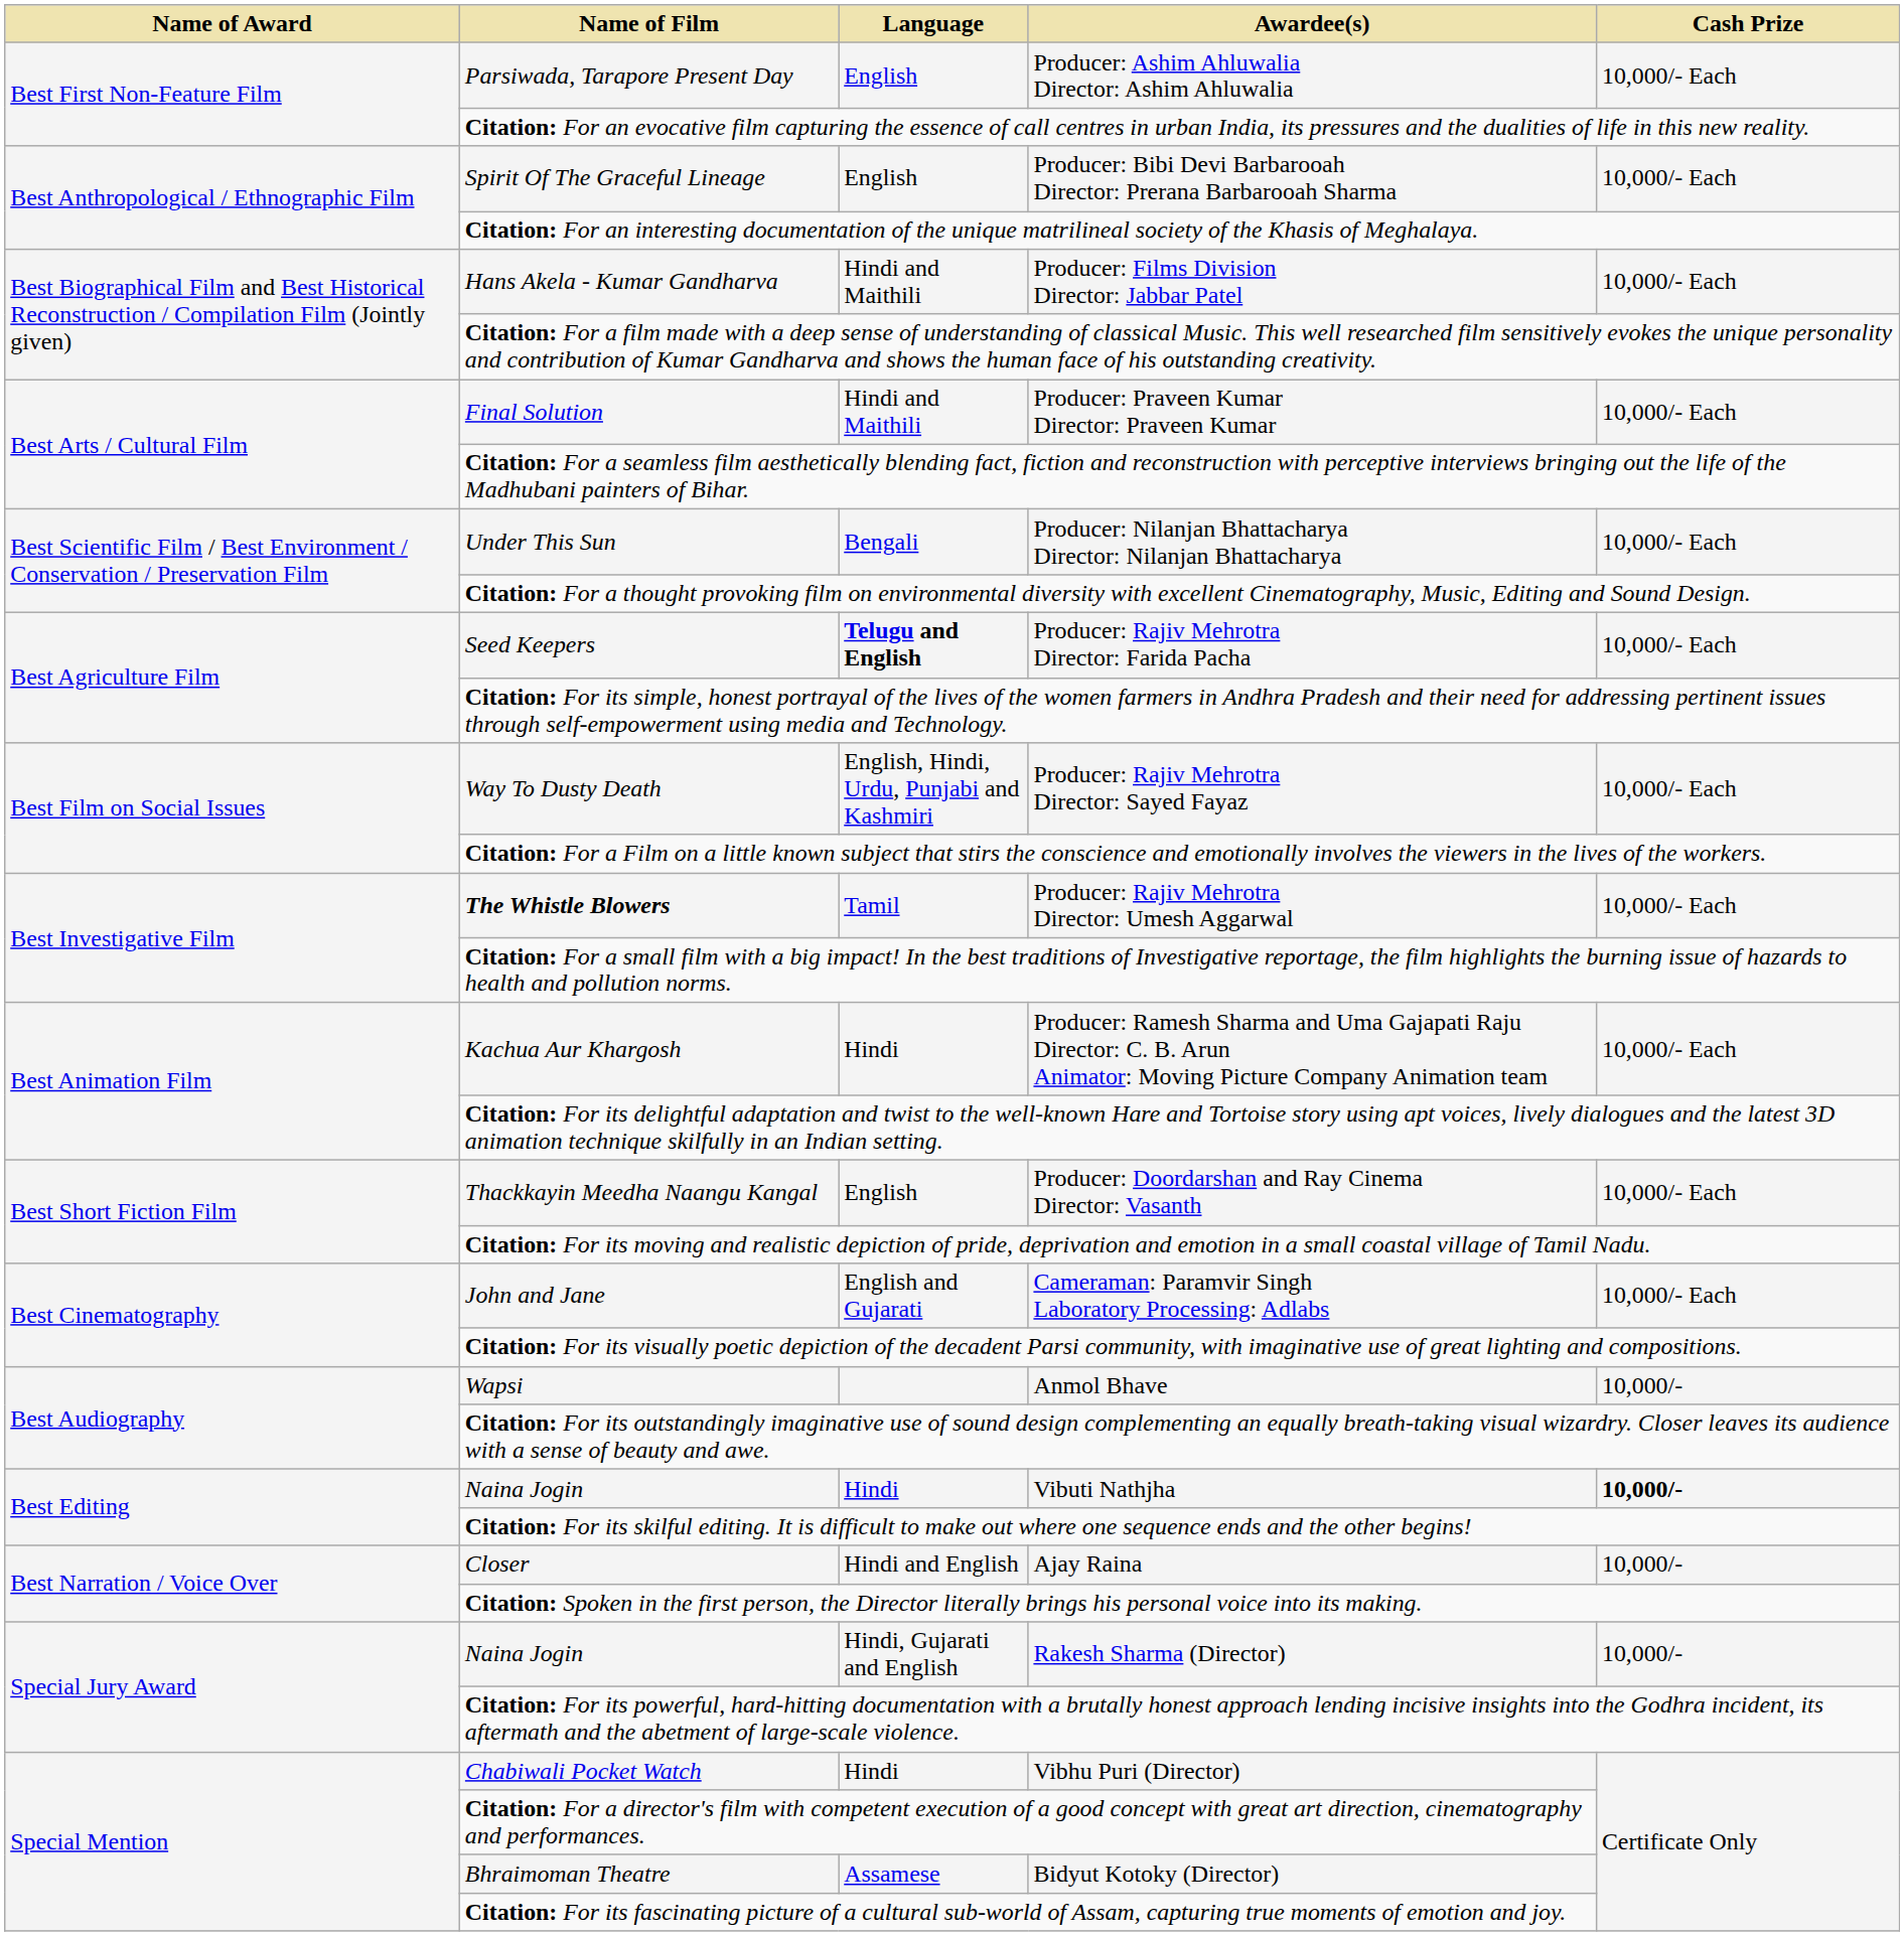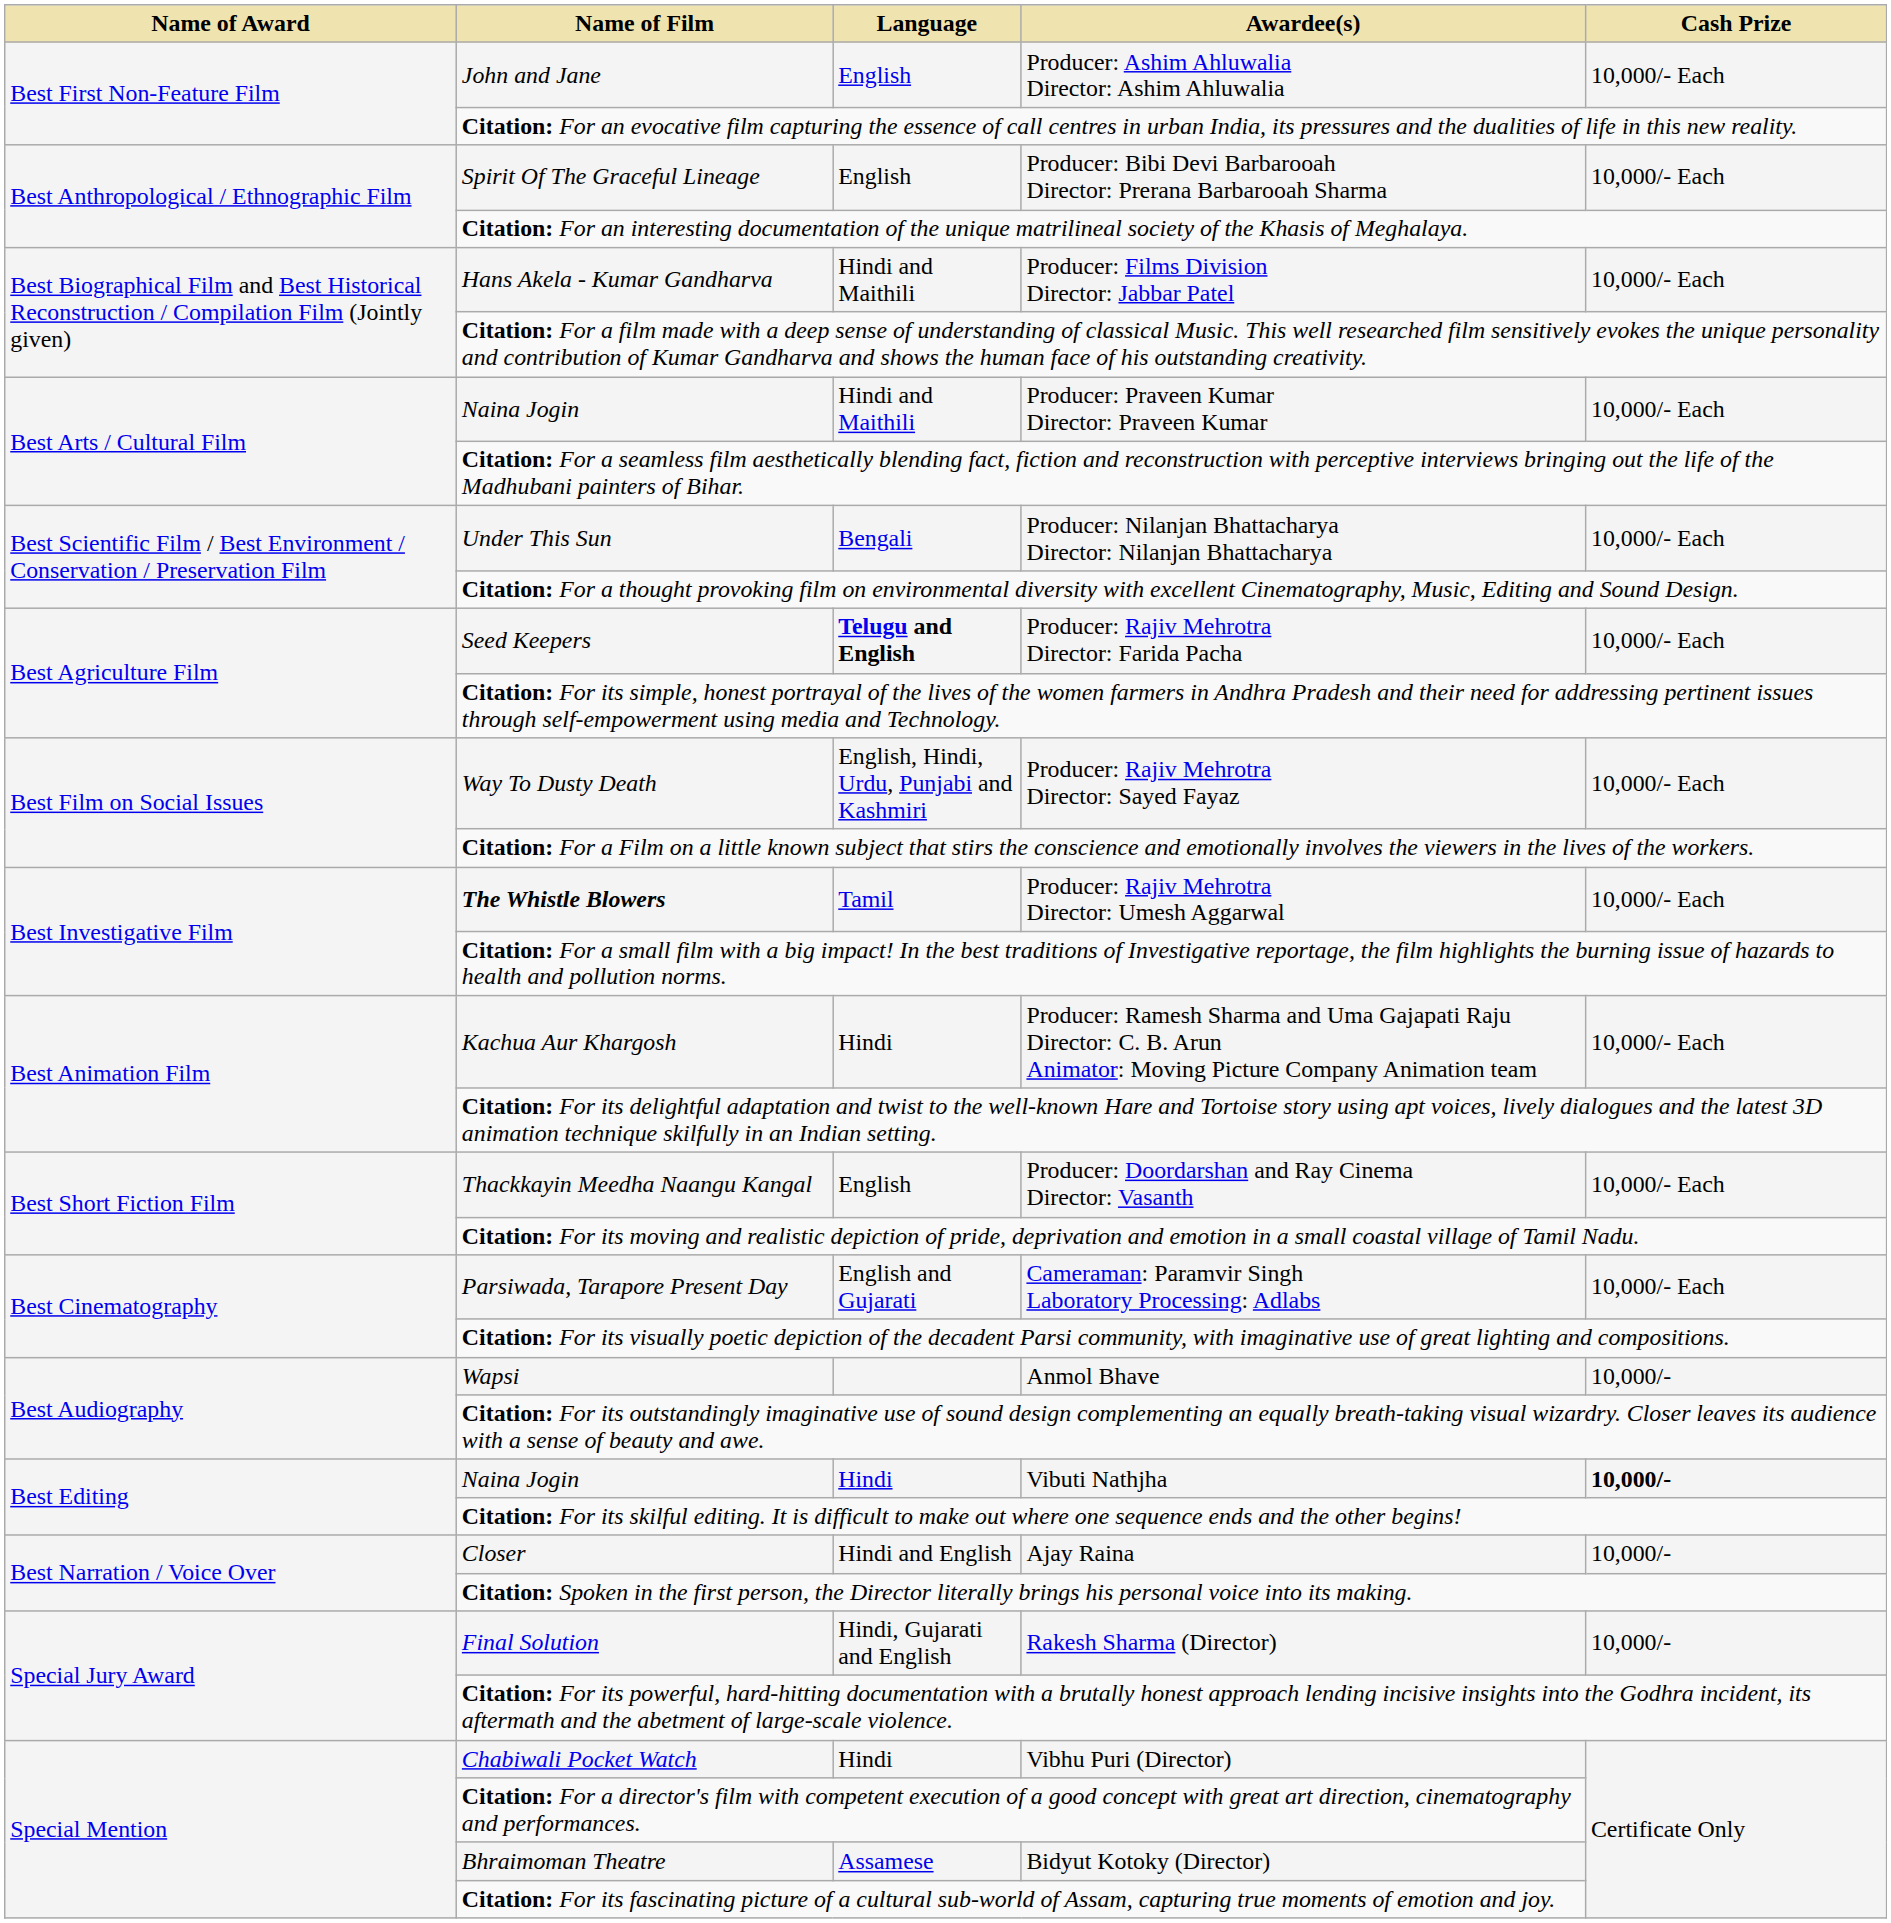 <table class="wikitable" style="width:100%;">
 <tr>
 <th style="background-color:#EFE4B0;width:24%;">Name of Award</th>
 <th style="background-color:#EFE4B0;width:20%;">Name of Film</th>
 <th style="background-color:#EFE4B0;width:10%;">Language</th>
 <th style="background-color:#EFE4B0;width:30%;">Awardee(s)</th>
 <th style="background-color:#EFE4B0;width:16%;">Cash Prize</th>
 </tr>
 <tr style="background-color:#F4F4F4">
 <td rowspan="2"><a href='#'>Best First Non-Feature Film</a></td>
-<td><em>Parsiwada, Tarapore Present Day</em></td>
+<td><em>John and Jane</em></td>
 <td><a href='#'>English</a></td>
 <td>Producer: <a href='#'>Ashim Ahluwalia</a><br>Director: Ashim Ahluwalia</td>
 <td> 10,000/- Each</td>
 </tr>
 <tr style="background-color:#F9F9F9">
 <td colspan="4"><strong>Citation:</strong> <em>For an evocative film capturing the essence of call centres in urban India, its pressures and the dualities of life in this new reality.</em></td>
 </tr>
 <tr style="background-color:#F4F4F4">
 <td rowspan="2"><a href='#'>Best Anthropological / Ethnographic Film</a></td>
 <td><em>Spirit Of The Graceful Lineage</em></td>
 <td>English</td>
 <td>Producer: Bibi Devi Barbarooah<br>Director: Prerana Barbarooah Sharma</td>
 <td> 10,000/- Each</td>
 </tr>
 <tr style="background-color:#F9F9F9">
 <td colspan="4"><strong>Citation:</strong> <em>For an interesting documentation of the unique matrilineal society of the Khasis of Meghalaya.</em></td>
 </tr>
 <tr style="background-color:#F4F4F4">
 <td rowspan="2"><a href='#'>Best Biographical Film</a> and <a href='#'>Best Historical Reconstruction / Compilation Film</a> (Jointly given)</td>
 <td><em>Hans Akela - Kumar Gandharva</em></td>
 <td>Hindi and Maithili</td>
 <td>Producer: <a href='#'>Films Division</a><br>Director: <a href='#'>Jabbar Patel</a></td>
 <td> 10,000/- Each</td>
 </tr>
 <tr style="background-color:#F9F9F9">
 <td colspan="4"><strong>Citation:</strong> <em>For a film made with a deep sense of understanding of classical Music. This well researched film sensitively evokes the unique personality and contribution of Kumar Gandharva and shows the human face of his outstanding creativity.</em></td>
 </tr>
 <tr style="background-color:#F4F4F4">
 <td rowspan="2"><a href='#'>Best Arts / Cultural Film</a></td>
-<td><em><a href='#'>Final Solution</a></em></td>
+<td><em>Naina Jogin</em></td>
 <td>Hindi and <a href='#'>Maithili</a></td>
 <td>Producer: Praveen Kumar<br>Director: Praveen Kumar</td>
 <td> 10,000/- Each</td>
 </tr>
 <tr style="background-color:#F9F9F9">
 <td colspan="4"><strong>Citation:</strong> <em>For a seamless film aesthetically blending fact, fiction and reconstruction with perceptive interviews bringing out the life of the Madhubani painters of Bihar.</em></td>
 </tr>
 <tr style="background-color:#F4F4F4">
 <td rowspan="2"><a href='#'>Best Scientific Film</a> / <a href='#'>Best Environment / Conservation / Preservation Film</a></td>
 <td><em>Under This Sun</em></td>
 <td><a href='#'>Bengali</a></td>
 <td>Producer: Nilanjan Bhattacharya<br>Director: Nilanjan Bhattacharya</td>
 <td> 10,000/- Each</td>
 </tr>
 <tr style="background-color:#F9F9F9">
 <td colspan="4"><strong>Citation:</strong> <em>For a thought provoking film on environmental diversity with excellent Cinematography, Music, Editing and Sound Design.</em></td>
 </tr>
 <tr style="background-color:#F4F4F4">
 <td rowspan="2"><a href='#'>Best Agriculture Film</a></td>
 <td><em>Seed Keepers</em></td>
 <td><strong><a href='#'>Telugu</a> and English</strong></td>
 <td>Producer: <a href='#'>Rajiv Mehrotra</a><br>Director: Farida Pacha</td>
 <td> 10,000/- Each</td>
 </tr>
 <tr style="background-color:#F9F9F9">
 <td colspan="4"><strong>Citation:</strong> <em>For its simple, honest portrayal of the lives of the women farmers in Andhra Pradesh and their need for addressing pertinent issues through  self-empowerment using media and Technology.</em></td>
 </tr>
 <tr style="background-color:#F4F4F4">
 <td rowspan="2"><a href='#'>Best Film on Social Issues</a></td>
 <td><em>Way To Dusty Death</em></td>
 <td>English, Hindi, <a href='#'>Urdu</a>, <a href='#'>Punjabi</a> and <a href='#'>Kashmiri</a></td>
 <td>Producer: <a href='#'>Rajiv Mehrotra</a><br>Director: Sayed Fayaz</td>
 <td> 10,000/- Each</td>
 </tr>
 <tr style="background-color:#F9F9F9">
 <td colspan="4"><strong>Citation:</strong> <em>For a Film on a little known subject that stirs the conscience and emotionally involves the viewers in the lives of the workers.</em></td>
 </tr>
 <tr style="background-color:#F4F4F4">
 <td rowspan="2"><a href='#'>Best Investigative Film</a></td>
 <td><strong><em>The Whistle Blowers</em></strong></td>
 <td><a href='#'>Tamil</a></td>
 <td>Producer: <a href='#'>Rajiv Mehrotra</a><br>Director: Umesh Aggarwal</td>
 <td> 10,000/- Each</td>
 </tr>
 <tr style="background-color:#F9F9F9">
 <td colspan="4"><strong>Citation:</strong> <em>For a small film with a big impact! In the best traditions of Investigative reportage, the film highlights the burning issue of hazards to health and pollution norms.</em></td>
 </tr>
 <tr style="background-color:#F4F4F4">
 <td rowspan="2"><a href='#'>Best Animation Film</a></td>
 <td><em>Kachua Aur Khargosh</em></td>
 <td>Hindi</td>
 <td>Producer: Ramesh Sharma and Uma Gajapati Raju<br>Director: C. B. Arun<br><a href='#'>Animator</a>: Moving Picture Company Animation team</td>
 <td> 10,000/- Each</td>
 </tr>
 <tr style="background-color:#F9F9F9">
 <td colspan="4"><strong>Citation:</strong> <em>For its delightful adaptation and twist to the well-known Hare and Tortoise story using apt voices, lively dialogues and the latest 3D animation technique skilfully in an Indian setting.</em></td>
 </tr>
 <tr style="background-color:#F4F4F4">
 <td rowspan="2"><a href='#'>Best Short Fiction Film</a></td>
 <td><em>Thackkayin Meedha Naangu Kangal</em></td>
 <td>English</td>
 <td>Producer: <a href='#'>Doordarshan</a> and Ray Cinema<br>Director: <a href='#'>Vasanth</a></td>
 <td> 10,000/- Each</td>
 </tr>
 <tr style="background-color:#F9F9F9">
 <td colspan="4"><strong>Citation:</strong> <em>For its moving and realistic depiction of pride, deprivation and emotion in a small coastal village of Tamil Nadu.</em></td>
 </tr>
 <tr style="background-color:#F4F4F4">
 <td rowspan="2"><a href='#'>Best Cinematography</a></td>
-<td><em>John and Jane</em></td>
+<td><em>Parsiwada, Tarapore Present Day</em></td>
 <td>English and <a href='#'>Gujarati</a></td>
 <td><a href='#'>Cameraman</a>: Paramvir Singh<br><a href='#'>Laboratory Processing</a>: <a href='#'>Adlabs</a></td>
 <td> 10,000/- Each</td>
 </tr>
 <tr style="background-color:#F9F9F9">
 <td colspan="4"><strong>Citation:</strong> <em>For its visually poetic depiction of the decadent Parsi community, with imaginative use of great lighting and compositions.</em></td>
 </tr>
 <tr style="background-color:#F4F4F4">
 <td rowspan="2"><a href='#'>Best Audiography</a></td>
 <td><em>Wapsi</em></td>
 <td></td>
 <td>Anmol Bhave</td>
 <td> 10,000/-</td>
 </tr>
 <tr style="background-color:#F9F9F9">
 <td colspan="4"><strong>Citation:</strong> <em>For its outstandingly imaginative use of sound design complementing an equally breath-taking visual wizardry. Closer leaves its audience with a sense of beauty and awe.</em></td>
 </tr>
 <tr style="background-color:#F4F4F4">
 <td rowspan="2"><a href='#'>Best Editing</a></td>
 <td><em>Naina Jogin</em></td>
 <td><a href='#'>Hindi</a></td>
 <td>Vibuti Nathjha</td>
 <td><strong> 10,000/-</strong></td>
 </tr>
 <tr style="background-color:#F9F9F9">
 <td colspan="4"><strong>Citation:</strong> <em>For its skilful editing. It is difficult to make out where one sequence ends and the other begins!</em></td>
 </tr>
 <tr style="background-color:#F4F4F4">
 <td rowspan="2"><a href='#'>Best Narration / Voice Over</a></td>
 <td><em>Closer</em></td>
 <td>Hindi and English</td>
 <td>Ajay Raina</td>
 <td> 10,000/-</td>
 </tr>
 <tr style="background-color:#F9F9F9">
 <td colspan="4"><strong>Citation:</strong> <em>Spoken in the first person, the Director literally brings his personal voice into its making.</em></td>
 </tr>
 <tr style="background-color:#F4F4F4">
 <td rowspan="2"><a href='#'>Special Jury Award</a></td>
-<td><em>Naina Jogin</em></td>
+<td><em><a href='#'>Final Solution</a></em></td>
 <td>Hindi, Gujarati and English</td>
 <td><a href='#'>Rakesh Sharma</a> (Director)</td>
 <td> 10,000/-</td>
 </tr>
 <tr style="background-color:#F9F9F9">
 <td colspan="4"><strong>Citation:</strong> <em>For its powerful, hard-hitting documentation with a brutally honest approach lending incisive insights into the Godhra incident, its aftermath and the abetment of large-scale violence.</em></td>
 </tr>
 <tr style="background-color:#F4F4F4">
 <td rowspan="4"><a href='#'>Special Mention</a></td>
 <td><em><a href='#'>Chabiwali Pocket Watch</a></em></td>
 <td>Hindi</td>
 <td>Vibhu Puri (Director)</td>
 <td rowspan="4">Certificate Only</td>
 </tr>
 <tr style="background-color:#F9F9F9">
 <td colspan="3"><strong>Citation:</strong> <em>For a director's film with competent execution of a good concept with great art direction, cinematography and performances.</em></td>
 </tr>
 <tr style="background-color:#F4F4F4">
 <td><em>Bhraimoman Theatre</em></td>
 <td><a href='#'>Assamese</a></td>
 <td>Bidyut Kotoky (Director)</td>
 </tr>
 <tr style="background-color:#F9F9F9">
 <td colspan="3"><strong>Citation:</strong> <em>For its fascinating picture of a cultural sub-world of Assam, capturing true moments of emotion and joy.</em></td>
 </tr>
 </table>
